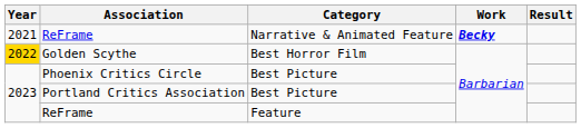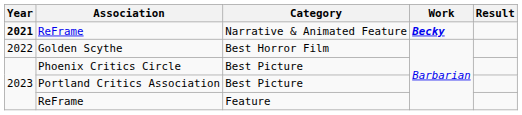 <table class="wikitable sortable">
 <tr>
 <th>Year</th>
 <th>Association</th>
 <th>Category</th>
 <th>Work</th>
 <th>Result</th>
 </tr>
 <tr>
-<td>2021</td>
+<td><strong>2021</strong></td>
 <td><a href='#'>ReFrame</a></td>
 <td>Narrative & Animated Feature</td>
 <td><strong><a href='#'><em>Becky</em></a></strong></td>
 <td></td>
 </tr>
 <tr>
-<td style="background: gold;">2022</td>
+<td>2022</td>
 <td>Golden Scythe</td>
 <td>Best Horror Film</td>
 <td rowspan="4"><a href='#'><em>Barbarian</em></a></td>
 <td></td>
 </tr>
 <tr>
 <td rowspan="3">2023</td>
 <td>Phoenix Critics Circle</td>
 <td>Best Picture</td>
 <td></td>
 </tr>
 <tr>
 <td>Portland Critics Association</td>
 <td>Best Picture</td>
 <td></td>
 </tr>
 <tr>
 <td>ReFrame</td>
 <td>Feature</td>
 <td></td>
 </tr>
 </table>
